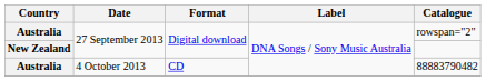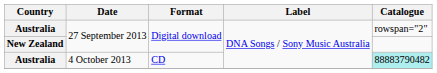 <table class="wikitable plainrowheaders">
 <tr>
 <th scope="col">Country</th>
 <th scope="col">Date</th>
 <th scope="col">Format</th>
 <th scope="col">Label</th>
 <th scope="col">Catalogue</th>
 </tr>
 <tr>
 <th scope="row">Australia</th>
 <td rowspan="2">27 September 2013</td>
 <td rowspan="2"><a href='#'>Digital download</a></td>
 <td rowspan="3"><a href='#'>DNA Songs</a> / <a href='#'>Sony Music Australia</a></td>
 <td>rowspan="2" </td>
 </tr>
 <tr>
 <th scope="row">New Zealand</th>
 </tr>
 <tr>
 <th scope="row">Australia</th>
 <td>4 October 2013</td>
 <td><a href='#'>CD</a></td>
-<td>88883790482</td>
+<td style="background: paleturquoise;">88883790482</td>
 </tr>
 <tr>
 </tr>
 </table>
